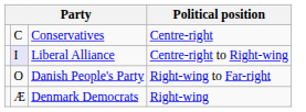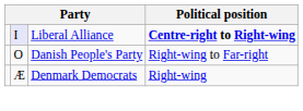 <table class="wikitable">
 <tr>
 <th colspan="3">Party</th>
 <th>Political position</th>
 </tr>
 <tr>
 <td></td>
-<td>C</td>
-<td><a href='#'>Conservatives</a></td>
-<td><a href='#'>Centre-right</a></td>
-</tr>
-<tr>
-<td></td>
 <td style="background: lavender;">I</td>
 <td><a href='#'>Liberal Alliance</a></td>
-<td><a href='#'>Centre-right</a> to <a href='#'>Right-wing</a></td>
+<td><strong><a href='#'>Centre-right</a> to <a href='#'>Right-wing</a></strong></td>
 </tr>
 <tr>
 <td></td>
 <td>O</td>
 <td><a href='#'>Danish People's Party</a></td>
 <td><a href='#'>Right-wing</a> to  <a href='#'>Far-right</a></td>
 </tr>
 <tr>
 <td></td>
 <td>Æ</td>
 <td><a href='#'>Denmark Democrats</a></td>
 <td><a href='#'>Right-wing</a></td>
 </tr>
 </table>
